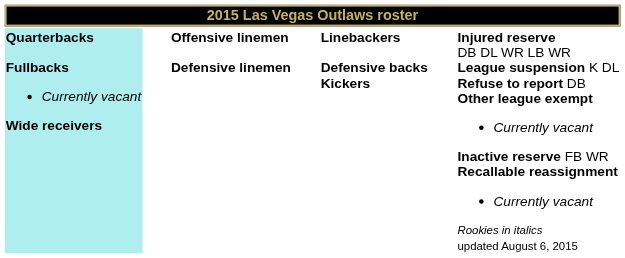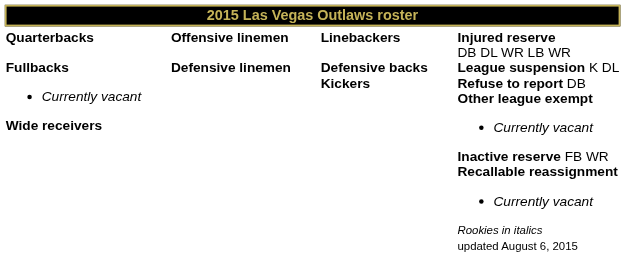 <table class="toccolours" style="text-align: left;">
 <tr>
 <th colspan=7 style="background:black; border: 2px solid #C5B358; color:#C5B358; text-align:center;"><strong>2015 Las Vegas Outlaws roster</strong></th>
 </tr>
 <tr>
-<td style="background: paleturquoise; font-size: 95%;vertical-align:top;"><strong>Quarterbacks</strong><br> <br><strong>Fullbacks</strong><ul><li><em>Currently vacant</em></li></ul><strong>Wide receivers</strong>     </td>
+<td style="font-size: 95%;vertical-align:top;"><strong>Quarterbacks</strong><br> <br><strong>Fullbacks</strong><ul><li><em>Currently vacant</em></li></ul><strong>Wide receivers</strong>     </td>
 <td style="width: 25px;"></td>
 <td style="font-size: 95%;vertical-align:top;"><strong>Offensive linemen</strong><br>     <br><strong>Defensive linemen</strong>     </td>
 <td style="width: 25px;"></td>
 <td style="font-size: 95%;vertical-align:top;"><strong>Linebackers</strong><br><br><strong>Defensive backs</strong>    <br><strong>Kickers</strong> </td>
 <td style="width: 25px;"></td>
 <td style="font-size: 95%;vertical-align:top;"><strong>Injured reserve</strong><br>  DB   DL   WR  LB  WR<br><strong>League suspension</strong>   K   DL  <br><strong>Refuse to report</strong>  DB  <br><strong>Other league exempt</strong><ul><li><em>Currently vacant</em></li></ul><strong>Inactive reserve</strong>  FB  WR<br><strong>Recallable reassignment</strong><ul><li><em>Currently vacant</em></li></ul><small><em>Rookies in italics</em><br><span></span> updated August 6, 2015</small><br> </td>
 </tr>
 <tr>
 </tr>
 </table>
